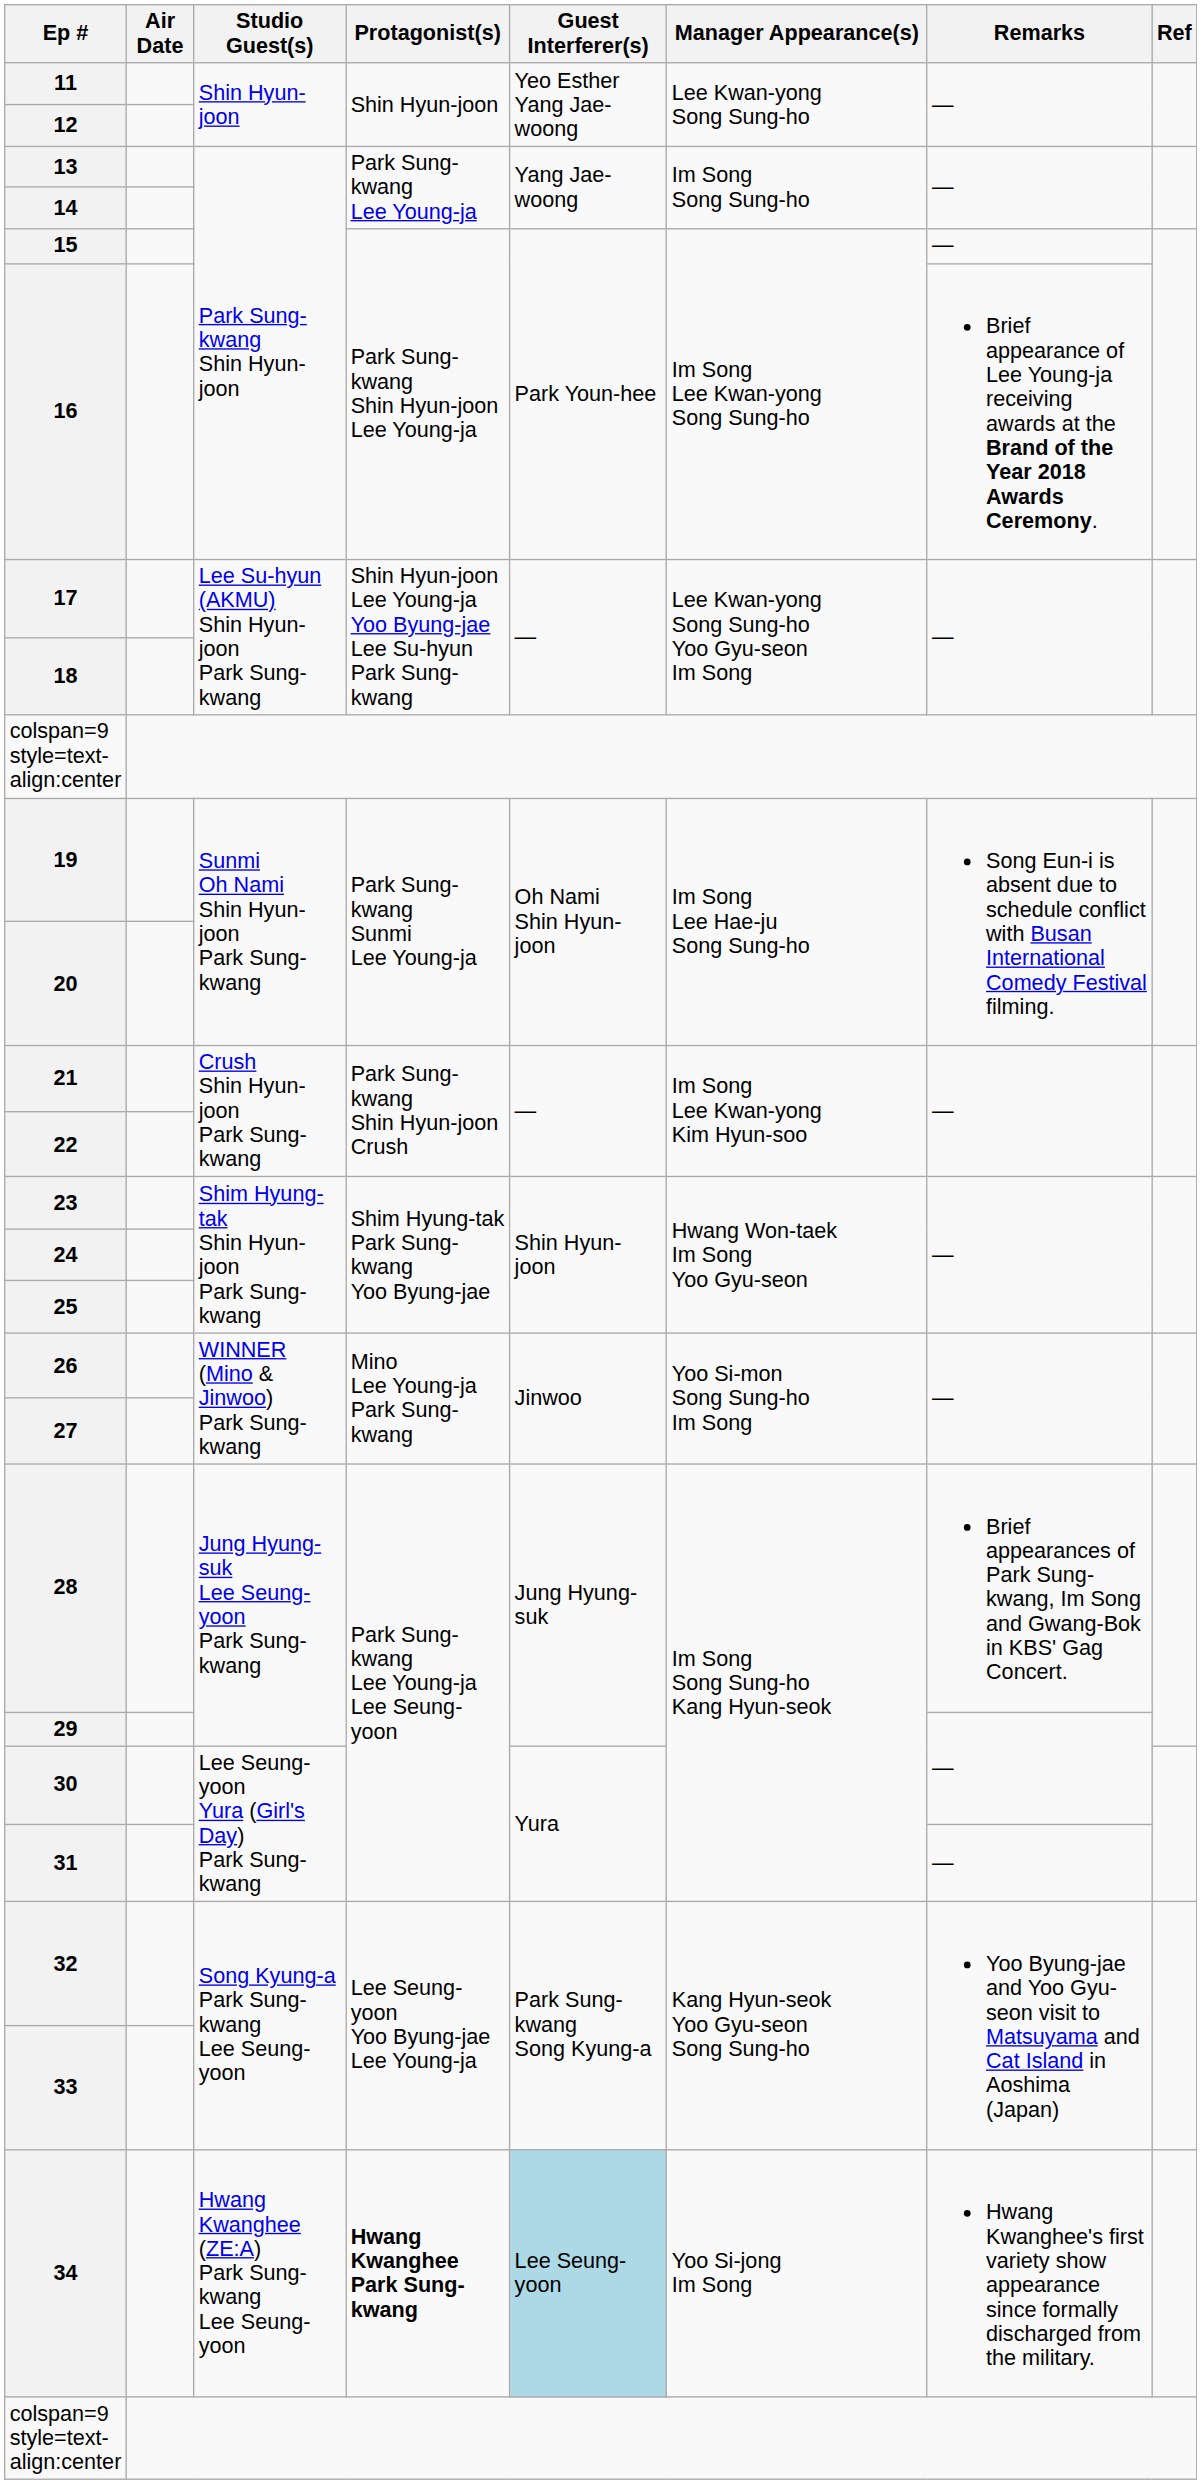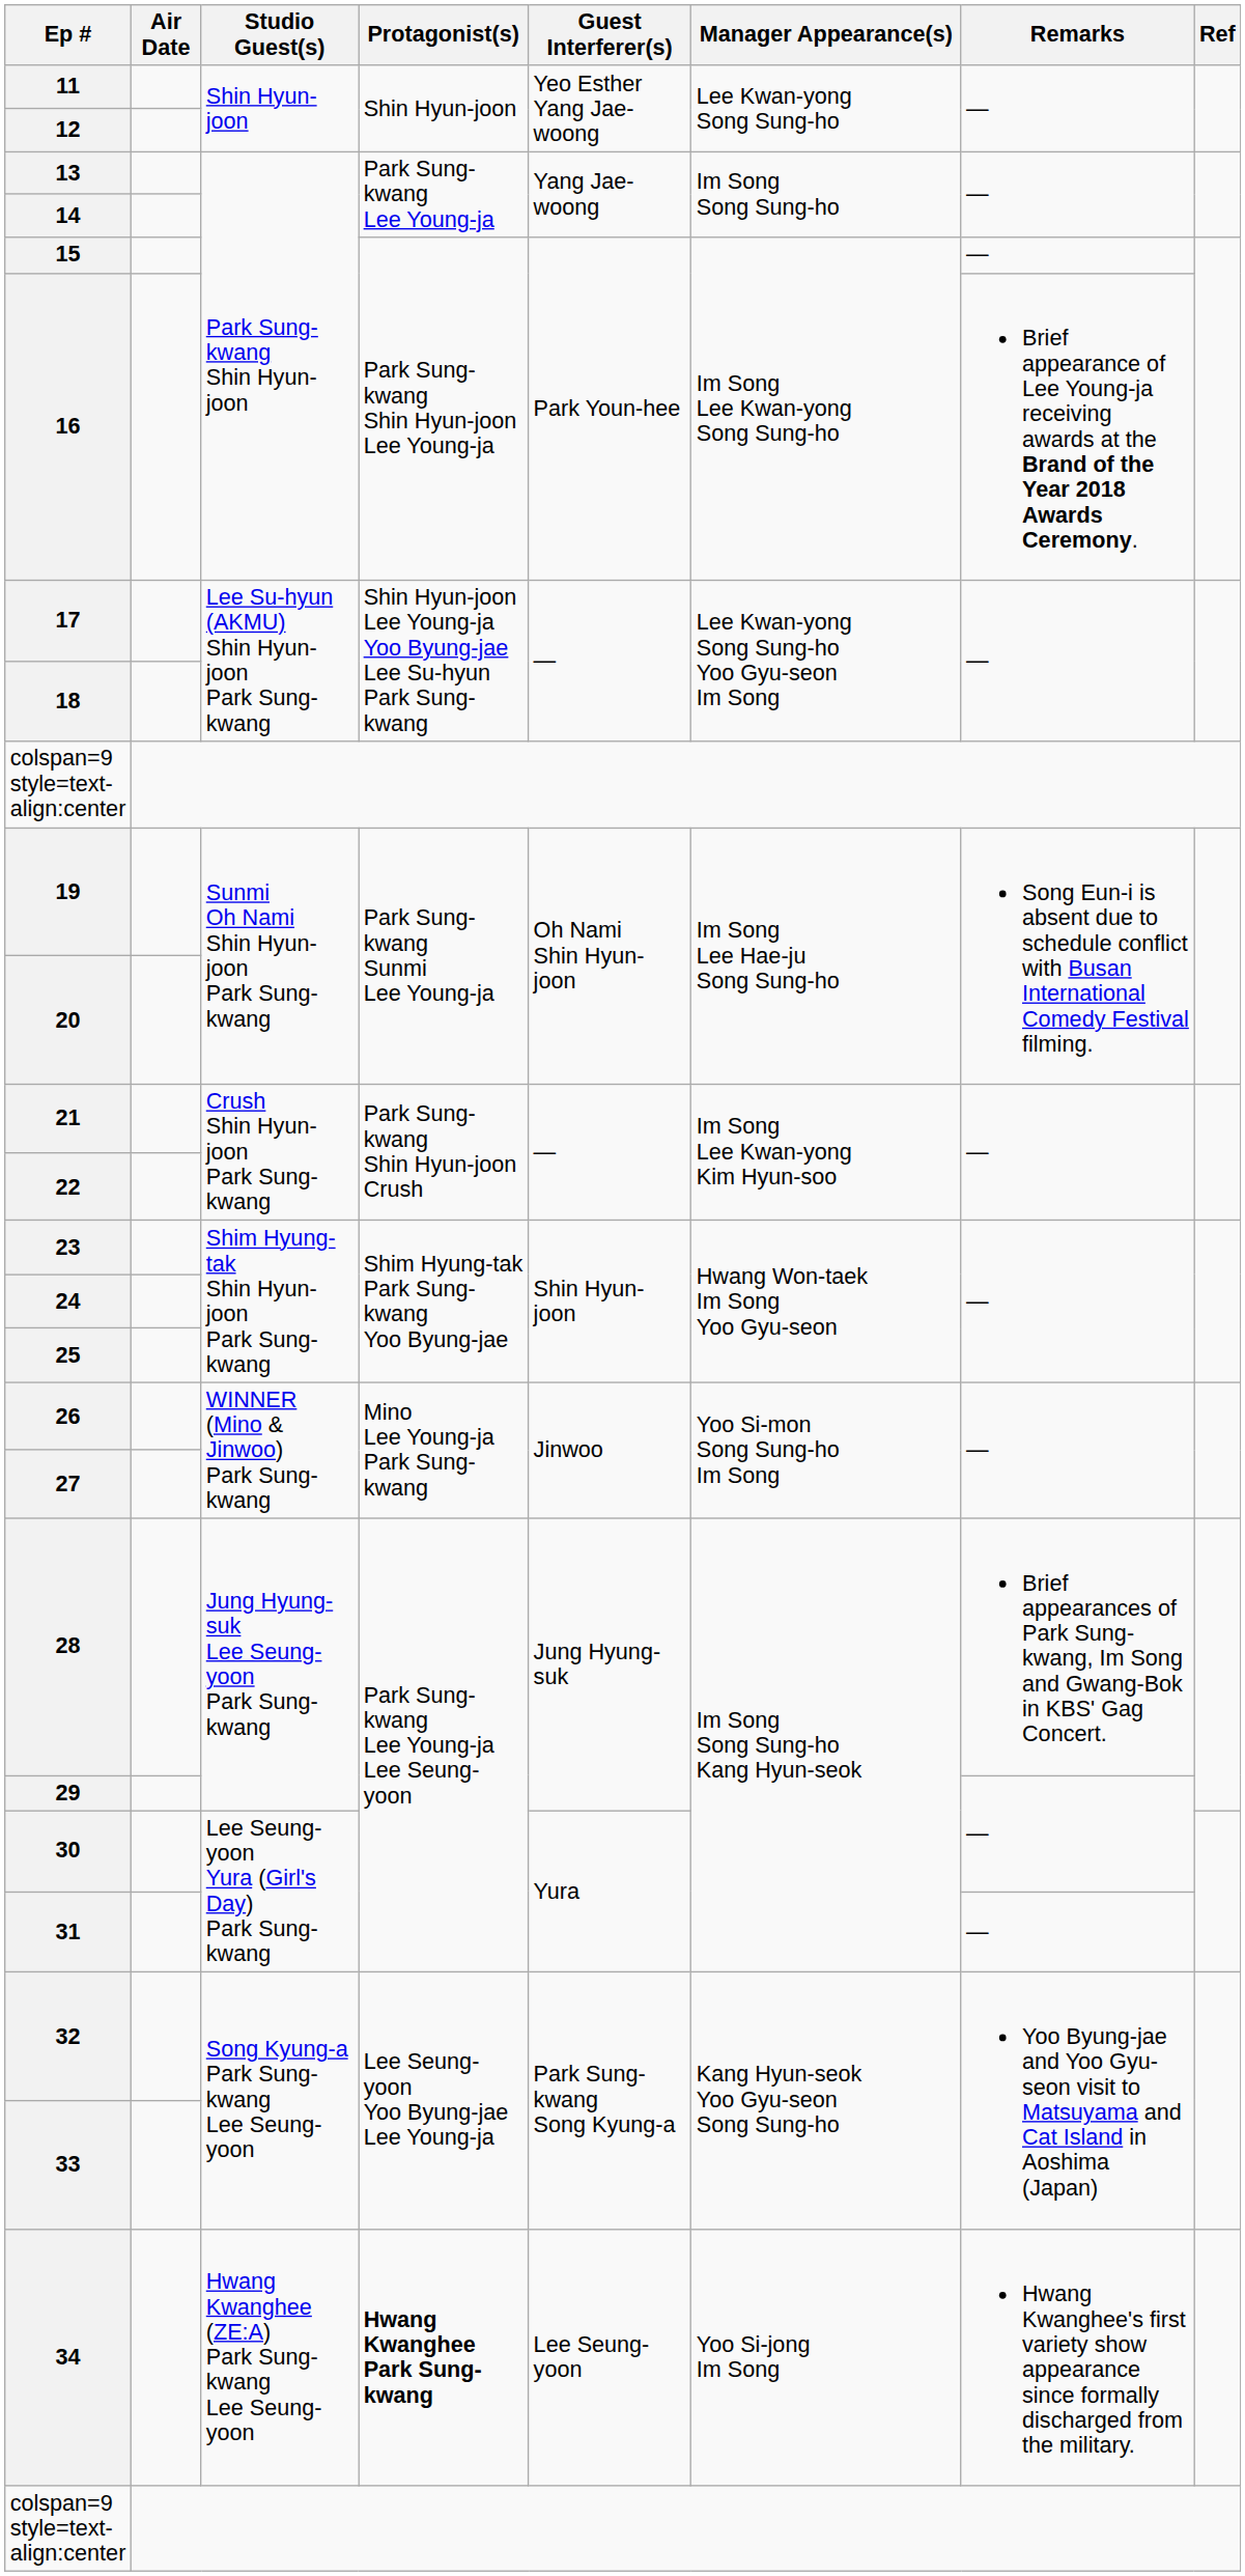 <table class=wikitable style="width:100%">
 <tr>
 <th width=5%>Ep #</th>
 <th width=6%>Air Date</th>
 <th width=14%>Studio Guest(s)</th>
 <th width=14%>Protagonist(s)</th>
 <th width=14%>Guest Interferer(s)</th>
 <th width=25%>Manager Appearance(s)</th>
 <th width=20%>Remarks</th>
 <th width=2%>Ref</th>
 </tr>
 <tr>
 <th>11</th>
 <td></td>
 <td rowspan=2><a href='#'>Shin Hyun-joon</a></td>
 <td rowspan=2>Shin Hyun-joon</td>
 <td rowspan=2>Yeo Esther<br>Yang Jae-woong</td>
 <td rowspan=2>Lee Kwan-yong <br>Song Sung-ho </td>
 <td rowspan=2>—</td>
 <td rowspan=2></td>
 </tr>
 <tr>
 <th>12</th>
 <td></td>
 </tr>
 <tr>
 <th>13</th>
 <td></td>
 <td rowspan=4><a href='#'>Park Sung-kwang</a><br>Shin Hyun-joon</td>
 <td rowspan=2>Park Sung-kwang<br><a href='#'>Lee Young-ja</a></td>
 <td rowspan=2>Yang Jae-woong</td>
 <td rowspan=2>Im Song <br>Song Sung-ho </td>
 <td rowspan=2>—</td>
 <td rowspan=2></td>
 </tr>
 <tr>
 <th>14</th>
 <td></td>
 </tr>
 <tr>
 <th>15</th>
 <td></td>
 <td rowspan=2>Park Sung-kwang<br>Shin Hyun-joon<br>Lee Young-ja</td>
 <td rowspan=2>Park Youn-hee</td>
 <td rowspan=2>Im Song <br>Lee Kwan-yong <br>Song Sung-ho </td>
 <td>—</td>
 <td rowspan=2></td>
 </tr>
 <tr>
 <th>16</th>
 <td></td>
 <td><br><ul><li>Brief appearance of Lee Young-ja receiving awards at the <strong>Brand of the Year 2018 Awards Ceremony</strong>.</li></ul></td>
 </tr>
 <tr>
 <th>17</th>
 <td></td>
 <td rowspan=2><a href='#'>Lee Su-hyun</a> <a href='#'>(AKMU)</a><br>Shin Hyun-joon<br>Park Sung-kwang</td>
 <td rowspan=2>Shin Hyun-joon<br>Lee Young-ja<br><a href='#'>Yoo Byung-jae</a><br>Lee Su-hyun<br>Park Sung-kwang</td>
 <td rowspan=2>—</td>
 <td rowspan=2>Lee Kwan-yong <br>Song Sung-ho <br>Yoo Gyu-seon <br>Im Song </td>
 <td rowspan=2>—</td>
 <td rowspan=2></td>
 </tr>
 <tr>
 <th>18</th>
 <td></td>
 </tr>
 <tr>
 <td>colspan=9 style=text-align:center </td>
 </tr>
 <tr>
 <th>19</th>
 <td></td>
 <td rowspan=2><a href='#'>Sunmi</a><br><a href='#'>Oh Nami</a><br>Shin Hyun-joon<br>Park Sung-kwang</td>
 <td rowspan=2>Park Sung-kwang<br>Sunmi<br>Lee Young-ja</td>
 <td rowspan=2>Oh Nami<br>Shin Hyun-joon</td>
 <td rowspan=2>Im Song <br>Lee Hae-ju <br>Song Sung-ho </td>
 <td rowspan=2><br><ul><li>Song Eun-i is absent due to schedule conflict with <a href='#'>Busan International Comedy Festival</a> filming.</li></ul></td>
 <td rowspan=2></td>
 </tr>
 <tr>
 <th>20</th>
 <td></td>
 </tr>
 <tr>
 <th>21</th>
 <td></td>
 <td rowspan=2><a href='#'>Crush</a><br>Shin Hyun-joon<br>Park Sung-kwang</td>
 <td rowspan=2>Park Sung-kwang<br>Shin Hyun-joon<br>Crush</td>
 <td rowspan=2>—</td>
 <td rowspan=2>Im Song <br>Lee Kwan-yong <br>Kim Hyun-soo </td>
 <td rowspan=2>—</td>
 <td rowspan=2></td>
 </tr>
 <tr>
 <th>22</th>
 <td></td>
 </tr>
 <tr>
 <th>23</th>
 <td></td>
 <td rowspan=3><a href='#'>Shim Hyung-tak</a><br>Shin Hyun-joon<br>Park Sung-kwang</td>
 <td rowspan=3>Shim Hyung-tak<br>Park Sung-kwang<br>Yoo Byung-jae</td>
 <td rowspan=3>Shin Hyun-joon</td>
 <td rowspan=3>Hwang Won-taek <br>Im Song <br>Yoo Gyu-seon </td>
 <td rowspan=3>—</td>
 <td rowspan=3></td>
 </tr>
 <tr>
 <th>24</th>
 <td></td>
 </tr>
 <tr>
 <th>25</th>
 <td></td>
 </tr>
 <tr>
 <th>26</th>
 <td></td>
 <td rowspan=2><a href='#'>WINNER</a> (<a href='#'>Mino</a> & <a href='#'>Jinwoo</a>)<br>Park Sung-kwang</td>
 <td rowspan=2>Mino<br>Lee Young-ja<br>Park Sung-kwang</td>
 <td rowspan=2>Jinwoo</td>
 <td rowspan=2>Yoo Si-mon <br>Song Sung-ho <br>Im Song </td>
 <td rowspan=2>—</td>
 <td rowspan=2></td>
 </tr>
 <tr>
 <th>27</th>
 <td></td>
 </tr>
 <tr>
 <th>28</th>
 <td></td>
 <td rowspan=2><a href='#'>Jung Hyung-suk</a><br><a href='#'>Lee Seung-yoon</a><br>Park Sung-kwang</td>
 <td rowspan=4>Park Sung-kwang<br>Lee Young-ja<br>Lee Seung-yoon</td>
 <td rowspan=2>Jung Hyung-suk</td>
 <td rowspan=4>Im Song <br>Song Sung-ho <br>Kang Hyun-seok </td>
 <td><br><ul><li>Brief appearances of Park Sung-kwang, Im Song and Gwang-Bok in KBS' Gag Concert.</li></ul></td>
 <td rowspan=2></td>
 </tr>
 <tr>
 <th>29</th>
 <td></td>
 <td rowspan=2>—</td>
 </tr>
 <tr>
 <th>30</th>
 <td></td>
 <td rowspan=2>Lee Seung-yoon<br><a href='#'>Yura</a> (<a href='#'>Girl's Day</a>)<br>Park Sung-kwang</td>
 <td rowspan=2>Yura</td>
 <td rowspan=2></td>
 </tr>
 <tr>
 <th>31</th>
 <td></td>
 <td>—</td>
 </tr>
 <tr>
 <th>32</th>
 <td></td>
 <td rowspan=2><a href='#'>Song Kyung-a</a><br>Park Sung-kwang<br>Lee Seung-yoon</td>
 <td rowspan=2>Lee Seung-yoon<br>Yoo Byung-jae<br>Lee Young-ja</td>
 <td rowspan=2>Park Sung-kwang<br>Song Kyung-a</td>
 <td rowspan=2>Kang Hyun-seok <br>Yoo Gyu-seon <br>Song Sung-ho </td>
 <td rowspan=2><br><ul><li>Yoo Byung-jae and Yoo Gyu-seon visit to <a href='#'>Matsuyama</a> and <a href='#'>Cat Island</a> in Aoshima (Japan)</li></ul></td>
 <td rowspan=2></td>
 </tr>
 <tr>
 <th>33</th>
 <td></td>
 </tr>
 <tr>
 <th>34</th>
 <td></td>
 <td><a href='#'>Hwang Kwanghee</a> (<a href='#'>ZE:A</a>)<br>Park Sung-kwang<br>Lee Seung-yoon</td>
 <td><strong>Hwang Kwanghee<br>Park Sung-kwang</strong></td>
-<td style="background: lightblue;">Lee Seung-yoon</td>
+<td>Lee Seung-yoon</td>
 <td>Yoo Si-jong <br>Im Song </td>
 <td><br><ul><li>Hwang Kwanghee's first variety show appearance since formally discharged from the military.</li></ul></td>
 <td></td>
 </tr>
 <tr>
 <td>colspan=9 style=text-align:center </td>
 </tr>
 </table>
